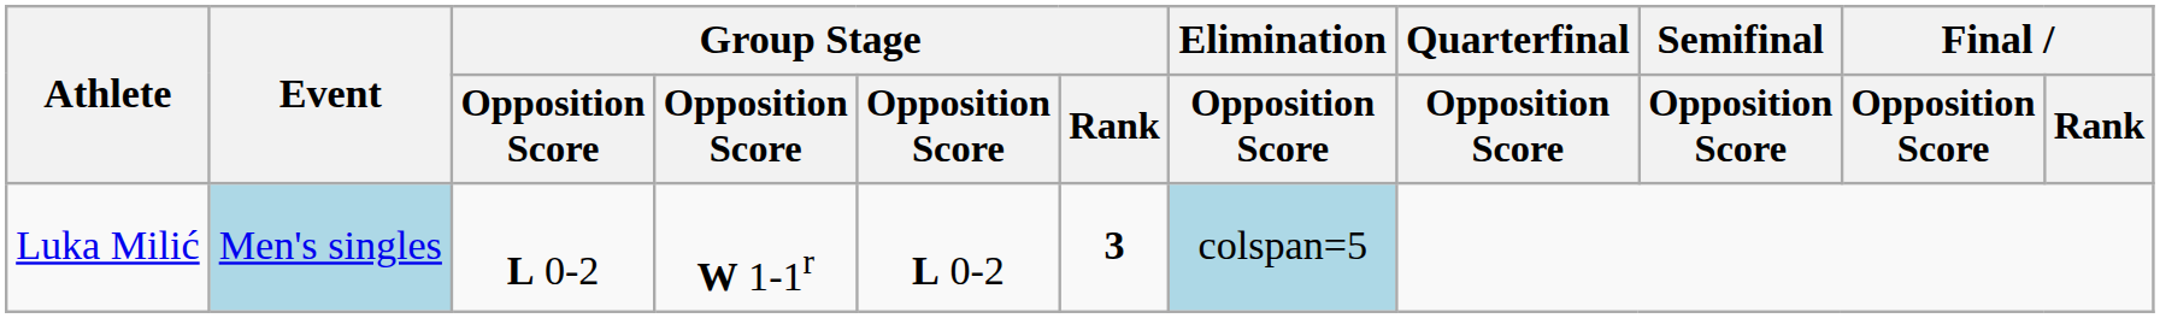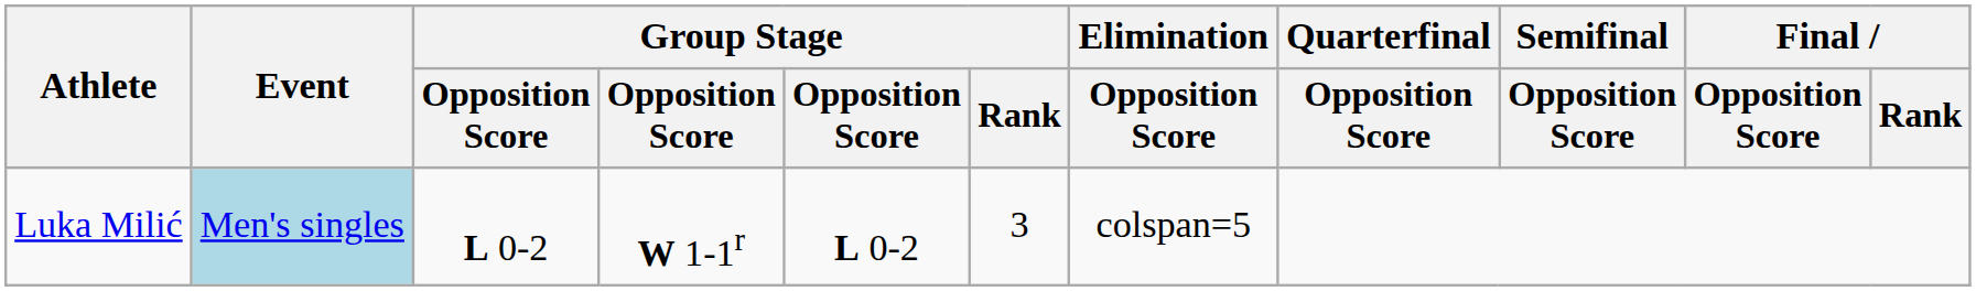 <table class="wikitable" style="font-size:90%">
 <tr>
 <th rowspan=2>Athlete</th>
 <th rowspan=2>Event</th>
 <th colspan=4>Group Stage</th>
 <th>Elimination</th>
 <th>Quarterfinal</th>
 <th>Semifinal</th>
 <th colspan=2>Final / </th>
 </tr>
 <tr style="font-size:95%">
 <th>Opposition<br>Score</th>
 <th>Opposition<br>Score</th>
 <th>Opposition<br>Score</th>
 <th>Rank</th>
 <th>Opposition<br>Score</th>
 <th>Opposition<br>Score</th>
 <th>Opposition<br>Score</th>
 <th>Opposition<br>Score</th>
 <th>Rank</th>
 </tr>
 <tr align=center>
 <td align=left><a href='#'>Luka Milić</a></td>
 <td align=left style="background: lightblue;"><a href='#'>Men's singles</a></td>
 <td><br><strong>L</strong> 0-2</td>
 <td><br><strong>W</strong> 1-1<sup>r</sup></td>
 <td><br><strong>L</strong> 0-2</td>
-<td><strong>3</strong></td>
-<td style="background: lightblue;">colspan=5 </td>
+<td>3</td>
+<td>colspan=5 </td>
 </tr>
 </table>
